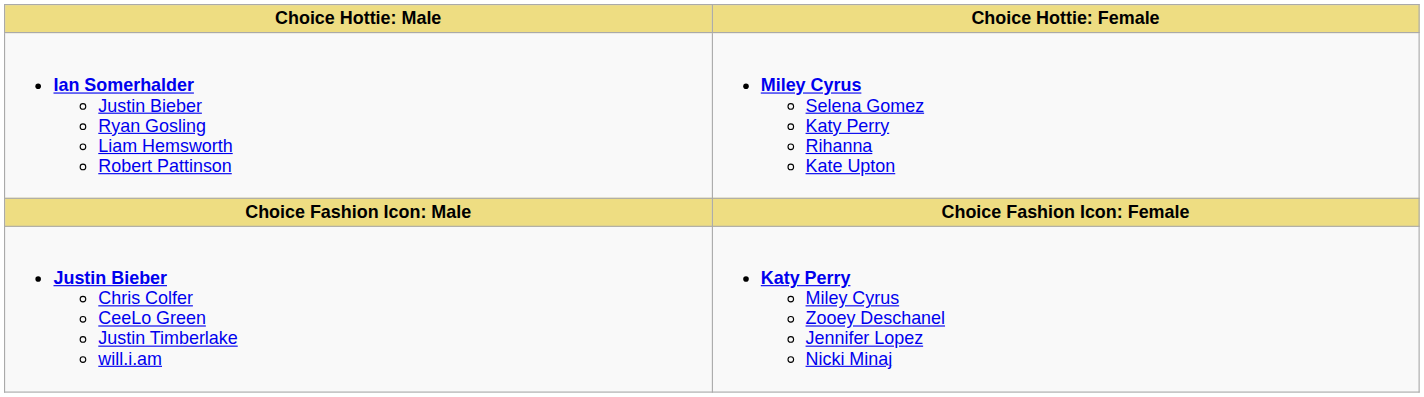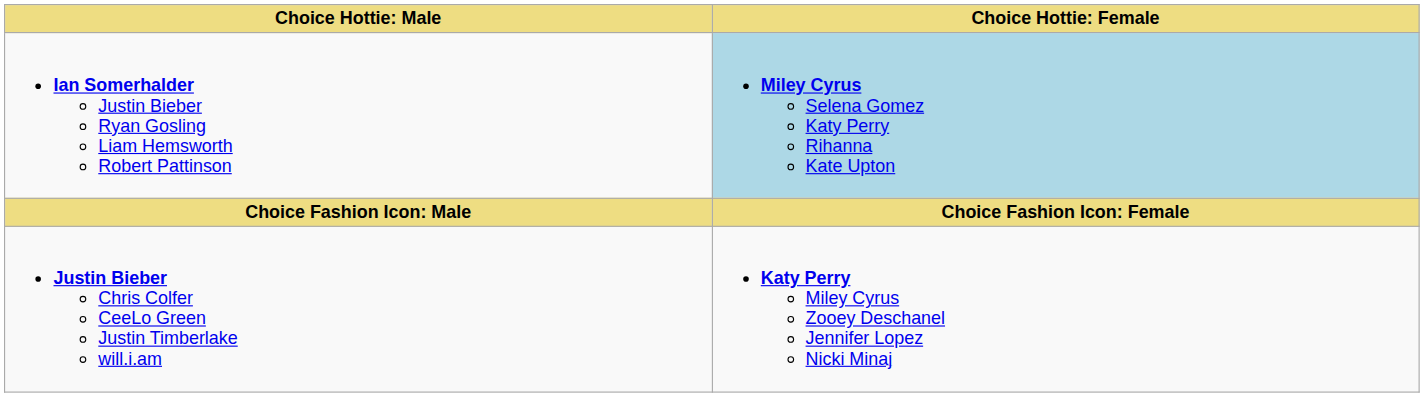 <table class="wikitable" style="width:100%">
 <tr>
 <th style="background:#EEDD82; width:50%">Choice Hottie: Male</th>
 <th style="background:#EEDD82; width:50%">Choice Hottie: Female</th>
 </tr>
 <tr>
 <td valign="top"><br><ul><li><strong><a href='#'>Ian Somerhalder</a></strong><ul><li><a href='#'>Justin Bieber</a></li><li><a href='#'>Ryan Gosling</a></li><li><a href='#'>Liam Hemsworth</a></li><li><a href='#'>Robert Pattinson</a></li></ul></li></ul></td>
-<td valign="top"><br><ul><li><strong><a href='#'>Miley Cyrus</a></strong><ul><li><a href='#'>Selena Gomez</a></li><li><a href='#'>Katy Perry</a></li><li><a href='#'>Rihanna</a></li><li><a href='#'>Kate Upton</a></li></ul></li></ul></td>
+<td valign="top" style="background: lightblue;"><br><ul><li><strong><a href='#'>Miley Cyrus</a></strong><ul><li><a href='#'>Selena Gomez</a></li><li><a href='#'>Katy Perry</a></li><li><a href='#'>Rihanna</a></li><li><a href='#'>Kate Upton</a></li></ul></li></ul></td>
 </tr>
 <tr>
 <th style="background:#EEDD82; width:50%">Choice Fashion Icon: Male</th>
 <th style="background:#EEDD82; width:50%">Choice Fashion Icon: Female</th>
 </tr>
 <tr>
 <td valign="top"><br><ul><li><strong><a href='#'>Justin Bieber</a></strong><ul><li><a href='#'>Chris Colfer</a></li><li><a href='#'>CeeLo Green</a></li><li><a href='#'>Justin Timberlake</a></li><li><a href='#'>will.i.am</a></li></ul></li></ul></td>
 <td valign="top"><br><ul><li><strong><a href='#'>Katy Perry</a></strong><ul><li><a href='#'>Miley Cyrus</a></li><li><a href='#'>Zooey Deschanel</a></li><li><a href='#'>Jennifer Lopez</a></li><li><a href='#'>Nicki Minaj</a></li></ul></li></ul></td>
 </tr>
 </table>
